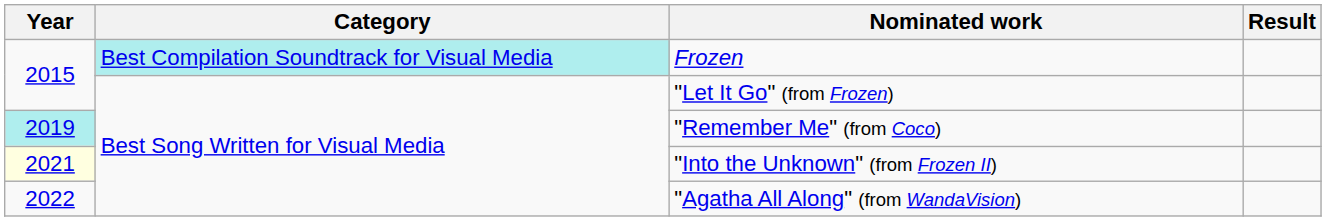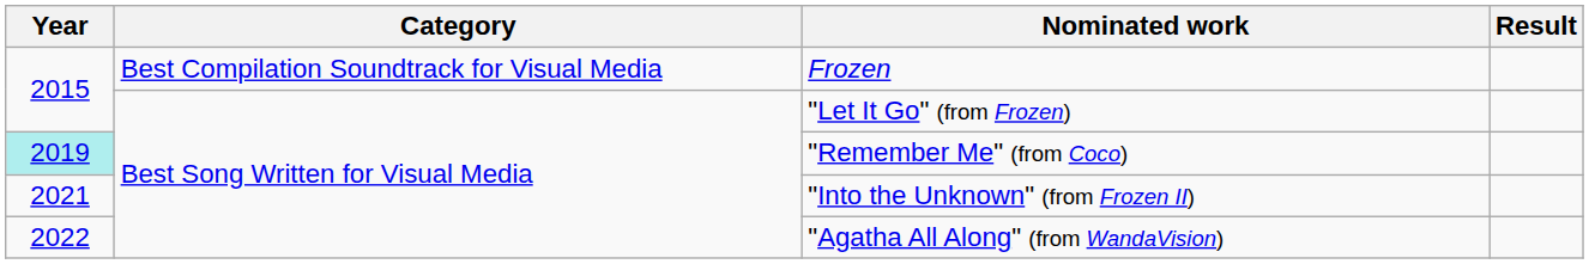 <table class="wikitable sortable" width = 75%>
 <tr>
 <th width=7%>Year</th>
 <th width=45%>Category</th>
 <th width=45%>Nominated work</th>
 <th width=8%>Result</th>
 </tr>
 <tr>
 <td rowspan="2" style="text-align:center;"><a href='#'>2015</a></td>
-<td style="background: paleturquoise;"><a href='#'>Best Compilation Soundtrack for Visual Media</a></td>
+<td><a href='#'>Best Compilation Soundtrack for Visual Media</a></td>
 <td><em><a href='#'>Frozen</a></em></td>
 <td></td>
 </tr>
 <tr>
 <td rowspan="4"><a href='#'>Best Song Written for Visual Media</a></td>
 <td>"<a href='#'>Let It Go</a>" <small>(from <em><a href='#'>Frozen</a></em>)</small></td>
 <td></td>
 </tr>
 <tr>
 <td style="background: paleturquoise; text-align:center;"><a href='#'>2019</a></td>
 <td>"<a href='#'>Remember Me</a>" <small>(from <em><a href='#'>Coco</a></em>)</small></td>
 <td></td>
 </tr>
 <tr>
-<td style="background: lightyellow; text-align:center;"><a href='#'>2021</a></td>
+<td style="text-align:center;"><a href='#'>2021</a></td>
 <td>"<a href='#'>Into the Unknown</a>" <small>(from <em><a href='#'>Frozen II</a></em>)</small></td>
 <td></td>
 </tr>
 <tr>
 <td style="text-align:center;"><a href='#'>2022</a></td>
 <td>"<a href='#'>Agatha All Along</a>" <small>(from <em><a href='#'>WandaVision</a></em>)</small></td>
 <td></td>
 </tr>
 </table>
